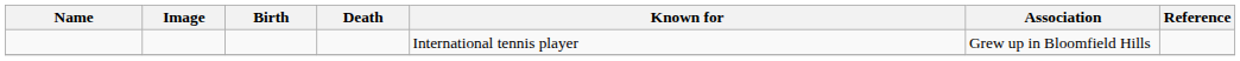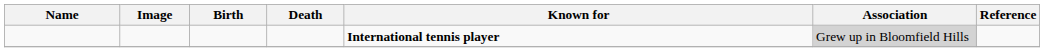 <table class="wikitable sortable">
 <tr>
 <th scope="col" width="140">Name</th>
 <th scope="col" width="80" class="unsortable">Image</th>
 <th scope="col" width="90">Birth</th>
 <th scope="col" width="90">Death</th>
 <th scope="col" width="600" class="unsortable">Known for</th>
 <th scope="col" width="200" class="unsortable">Association</th>
 <th scope="col" width="30" class="unsortable">Reference</th>
 </tr>
 <tr>
 <td></td>
 <td></td>
 <td align=right></td>
 <td align=right></td>
-<td>International tennis player</td>
-<td>Grew up in Bloomfield Hills</td>
+<td><strong>International tennis player</strong></td>
+<td style="background: lightgrey;">Grew up in Bloomfield Hills</td>
 <td align="center"></td>
 </tr>
 <tr>
 </tr>
 </table>
